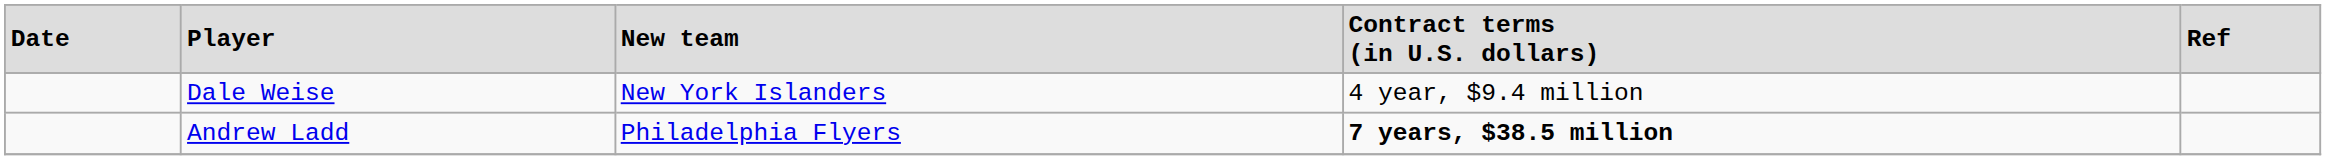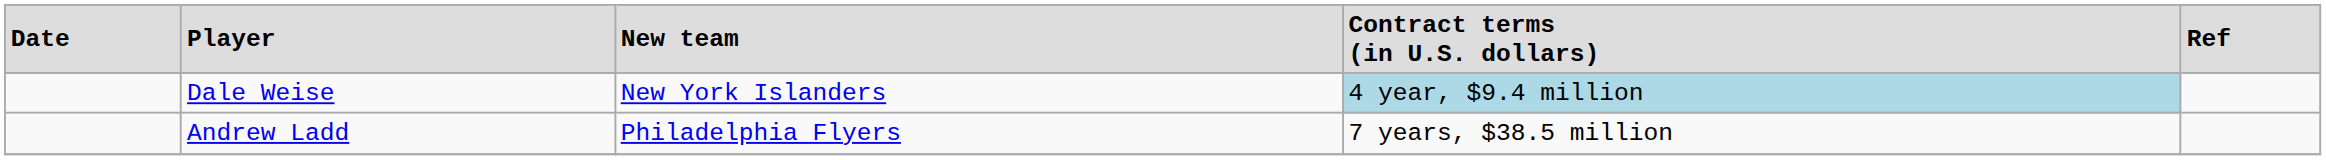 <table class="wikitable" width=97%>
 <tr style="background:#ddd;">
 <td><strong>Date</strong></td>
 <td><strong>Player</strong></td>
 <td><strong>New team</strong></td>
 <td><strong>Contract terms</strong><br><strong>(in U.S. dollars)</strong></td>
 <td><strong>Ref</strong></td>
 </tr>
 <tr>
 <td></td>
 <td><a href='#'>Dale Weise</a></td>
 <td><a href='#'>New York Islanders</a></td>
-<td>4 year, $9.4 million</td>
+<td style="background: lightblue;">4 year, $9.4 million</td>
 <td></td>
 </tr>
 <tr>
 <td></td>
 <td><a href='#'>Andrew Ladd</a></td>
 <td><a href='#'>Philadelphia Flyers</a></td>
-<td><strong>7 years, $38.5 million</strong></td>
+<td>7 years, $38.5 million</td>
 <td></td>
 </tr>
 <tr>
 </tr>
 </table>
